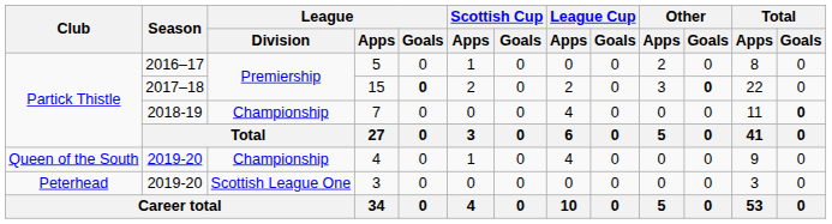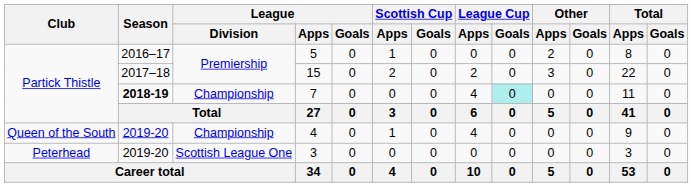 <table class="wikitable" style="text-align:center">
 <tr>
 <th rowspan="2">Club</th>
 <th rowspan="2">Season</th>
 <th colspan="3">League</th>
 <th colspan="2"><a href='#'>Scottish Cup</a></th>
 <th colspan="2"><a href='#'>League Cup</a></th>
 <th colspan="2">Other</th>
 <th colspan="2">Total</th>
 </tr>
 <tr>
 <th>Division</th>
 <th>Apps</th>
 <th>Goals</th>
 <th>Apps</th>
 <th>Goals</th>
 <th>Apps</th>
 <th>Goals</th>
 <th>Apps</th>
 <th>Goals</th>
 <th>Apps</th>
 <th>Goals</th>
 </tr>
 <tr>
 <td rowspan="4"><a href='#'>Partick Thistle</a></td>
 <td>2016–17</td>
 <td rowspan="2"><a href='#'>Premiership</a></td>
 <td>5</td>
 <td>0</td>
 <td>1</td>
 <td>0</td>
 <td>0</td>
 <td>0</td>
 <td>2</td>
 <td>0</td>
 <td>8</td>
 <td>0</td>
 </tr>
 <tr>
 <td>2017–18</td>
 <td>15</td>
-<td><strong>0</strong></td>
+<td>0</td>
 <td>2</td>
 <td>0</td>
 <td>2</td>
 <td>0</td>
 <td>3</td>
-<td><strong>0</strong></td>
+<td>0</td>
 <td>22</td>
 <td>0</td>
 </tr>
 <tr>
-<td>2018-19</td>
+<td><strong>2018-19</strong></td>
 <td rowspan="1"><a href='#'>Championship</a></td>
 <td>7</td>
 <td>0</td>
 <td>0</td>
 <td>0</td>
 <td>4</td>
-<td>0</td>
+<td style="background: paleturquoise;">0</td>
 <td>0</td>
 <td>0</td>
 <td>11</td>
-<td><strong>0</strong></td>
+<td>0</td>
 </tr>
 <tr>
 <th colspan="2">Total</th>
 <th>27</th>
 <th>0</th>
 <th>3</th>
 <th>0</th>
 <th>6</th>
 <th>0</th>
 <th>5</th>
 <th>0</th>
 <th>41</th>
 <th>0</th>
 </tr>
 <tr>
 <td><a href='#'>Queen of the South</a></td>
 <td><a href='#'>2019-20</a></td>
 <td><a href='#'>Championship</a></td>
 <td>4</td>
 <td>0</td>
 <td>1</td>
 <td>0</td>
 <td>4</td>
 <td>0</td>
 <td>0</td>
 <td>0</td>
 <td>9</td>
 <td>0</td>
 </tr>
 <tr>
 <td><a href='#'>Peterhead</a></td>
 <td>2019-20</td>
 <td><a href='#'>Scottish League One</a></td>
 <td>3</td>
 <td>0</td>
 <td>0</td>
 <td>0</td>
 <td>0</td>
 <td>0</td>
 <td>0</td>
 <td>0</td>
 <td>3</td>
 <td>0</td>
 </tr>
 <tr>
 <th colspan="3">Career total</th>
 <th>34</th>
 <th>0</th>
 <th>4</th>
 <th>0</th>
 <th>10</th>
 <th>0</th>
 <th>5</th>
 <th>0</th>
 <th>53</th>
 <th>0</th>
 </tr>
 </table>
